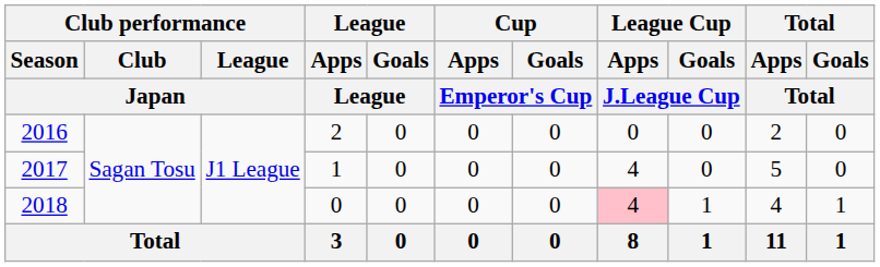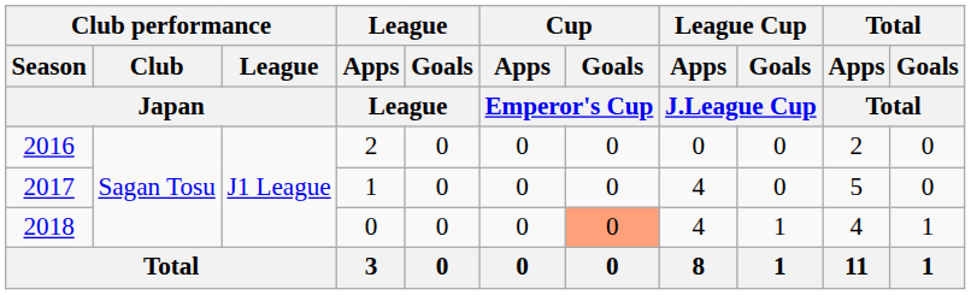 <table class="wikitable" style="text-align:center;">
 <tr>
 <th colspan=3>Club performance</th>
 <th colspan=2>League</th>
 <th colspan=2>Cup</th>
 <th colspan=2>League Cup</th>
 <th colspan=2>Total</th>
 </tr>
 <tr>
 <th>Season</th>
 <th>Club</th>
 <th>League</th>
 <th>Apps</th>
 <th>Goals</th>
 <th>Apps</th>
 <th>Goals</th>
 <th>Apps</th>
 <th>Goals</th>
 <th>Apps</th>
 <th>Goals</th>
 </tr>
 <tr>
 <th colspan=3>Japan</th>
 <th colspan=2>League</th>
 <th colspan=2><a href='#'>Emperor's Cup</a></th>
 <th colspan=2><a href='#'>J.League Cup</a></th>
 <th colspan=2>Total</th>
 </tr>
 <tr>
 <td><a href='#'>2016</a></td>
 <td rowspan="3"><a href='#'>Sagan Tosu</a></td>
 <td rowspan="3"><a href='#'>J1 League</a></td>
 <td>2</td>
 <td>0</td>
 <td>0</td>
 <td>0</td>
 <td>0</td>
 <td>0</td>
 <td>2</td>
 <td>0</td>
 </tr>
 <tr>
 <td><a href='#'>2017</a></td>
 <td>1</td>
 <td>0</td>
 <td>0</td>
 <td>0</td>
 <td>4</td>
 <td>0</td>
 <td>5</td>
 <td>0</td>
 </tr>
 <tr>
 <td><a href='#'>2018</a></td>
 <td>0</td>
 <td>0</td>
 <td>0</td>
-<td>0</td>
-<td style="background: pink;">4</td>
+<td style="background: lightsalmon;">0</td>
+<td>4</td>
 <td>1</td>
 <td>4</td>
 <td>1</td>
 </tr>
 <tr>
 <th colspan=3>Total</th>
 <th>3</th>
 <th>0</th>
 <th>0</th>
 <th>0</th>
 <th>8</th>
 <th>1</th>
 <th>11</th>
 <th>1</th>
 </tr>
 </table>
